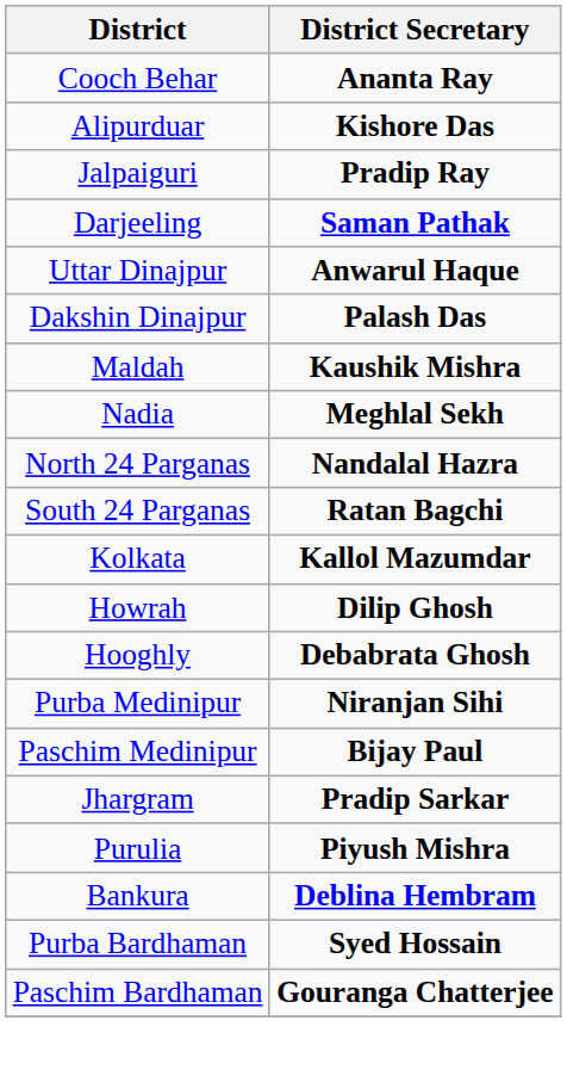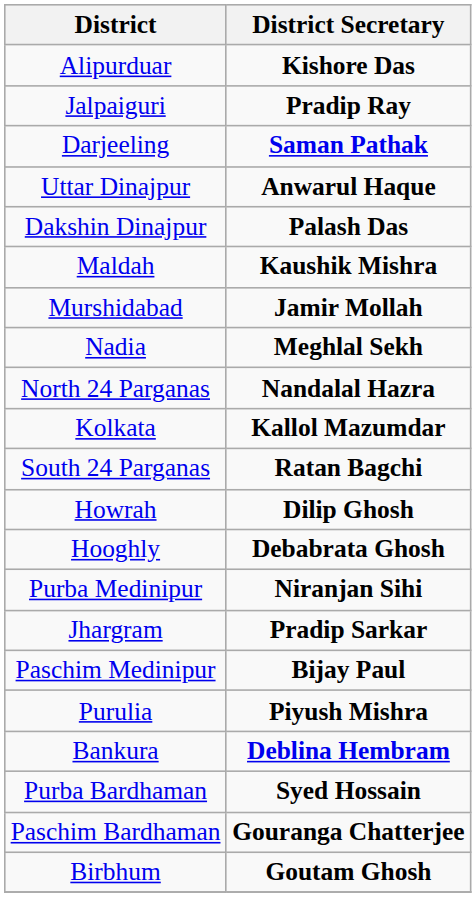 <table class="wikitable sortable" style="text-align:center"|>
 <tr>
 <th Style="background-color:">District</th>
 <th Style="background-color:">District Secretary</th>
-</tr>
-<tr>
-<td><a href='#'>Cooch Behar</a></td>
-<td><strong>Ananta Ray</strong></td>
 </tr>
 <tr>
 <td><a href='#'>Alipurduar</a></td>
 <td><strong>Kishore Das</strong></td>
 </tr>
 <tr>
 <td><a href='#'>Jalpaiguri</a></td>
 <td><strong>Pradip Ray</strong></td>
 </tr>
 <tr>
 <td><a href='#'>Darjeeling</a></td>
 <td><strong><a href='#'>Saman Pathak</a></strong></td>
 </tr>
 <tr>
 <td><a href='#'>Uttar Dinajpur</a></td>
 <td><strong>Anwarul Haque</strong></td>
 </tr>
 <tr>
 <td><a href='#'>Dakshin Dinajpur</a></td>
 <td><strong>Palash Das</strong></td>
 </tr>
 <tr>
 <td><a href='#'>Maldah</a></td>
 <td><strong>Kaushik Mishra</strong></td>
 </tr>
 <tr>
+<td><a href='#'>Murshidabad</a></td>
+<td><strong>Jamir Mollah</strong></td>
+</tr>
+<tr>
 <td><a href='#'>Nadia</a></td>
 <td><strong>Meghlal Sekh</strong></td>
 </tr>
 <tr>
 <td><a href='#'>North 24 Parganas</a></td>
 <td><strong>Nandalal Hazra</strong></td>
 </tr>
 <tr>
+<td><a href='#'>Kolkata</a></td>
+<td><strong>Kallol Mazumdar</strong></td>
+</tr>
+<tr>
 <td><a href='#'>South 24 Parganas</a></td>
 <td><strong>Ratan Bagchi</strong></td>
-</tr>
-<tr>
-<td><a href='#'>Kolkata</a></td>
-<td><strong>Kallol Mazumdar</strong></td>
 </tr>
 <tr>
 <td><a href='#'>Howrah</a></td>
 <td><strong>Dilip Ghosh</strong></td>
 </tr>
 <tr>
 <td><a href='#'>Hooghly</a></td>
 <td><strong>Debabrata Ghosh</strong></td>
 </tr>
 <tr>
 <td><a href='#'>Purba Medinipur</a></td>
 <td><strong>Niranjan Sihi</strong></td>
 </tr>
 <tr>
+<td><a href='#'>Jhargram</a></td>
+<td><strong>Pradip Sarkar</strong></td>
+</tr>
+<tr>
 <td><a href='#'>Paschim Medinipur</a></td>
 <td><strong>Bijay Paul</strong></td>
-</tr>
-<tr>
-<td><a href='#'>Jhargram</a></td>
-<td><strong>Pradip Sarkar</strong></td>
 </tr>
 <tr>
 <td><a href='#'>Purulia</a></td>
 <td><strong>Piyush Mishra</strong></td>
 </tr>
 <tr>
 <td><a href='#'>Bankura</a></td>
 <td><strong><a href='#'>Deblina Hembram</a></strong></td>
 </tr>
 <tr>
 <td><a href='#'>Purba Bardhaman</a></td>
 <td><strong>Syed Hossain</strong></td>
 </tr>
 <tr>
 <td><a href='#'>Paschim Bardhaman</a></td>
 <td><strong>Gouranga Chatterjee</strong></td>
 </tr>
 <tr>
+<td><a href='#'>Birbhum</a></td>
+<td><strong>Goutam Ghosh</strong></td>
+</tr>
+<tr>
 </tr>
 </table>
